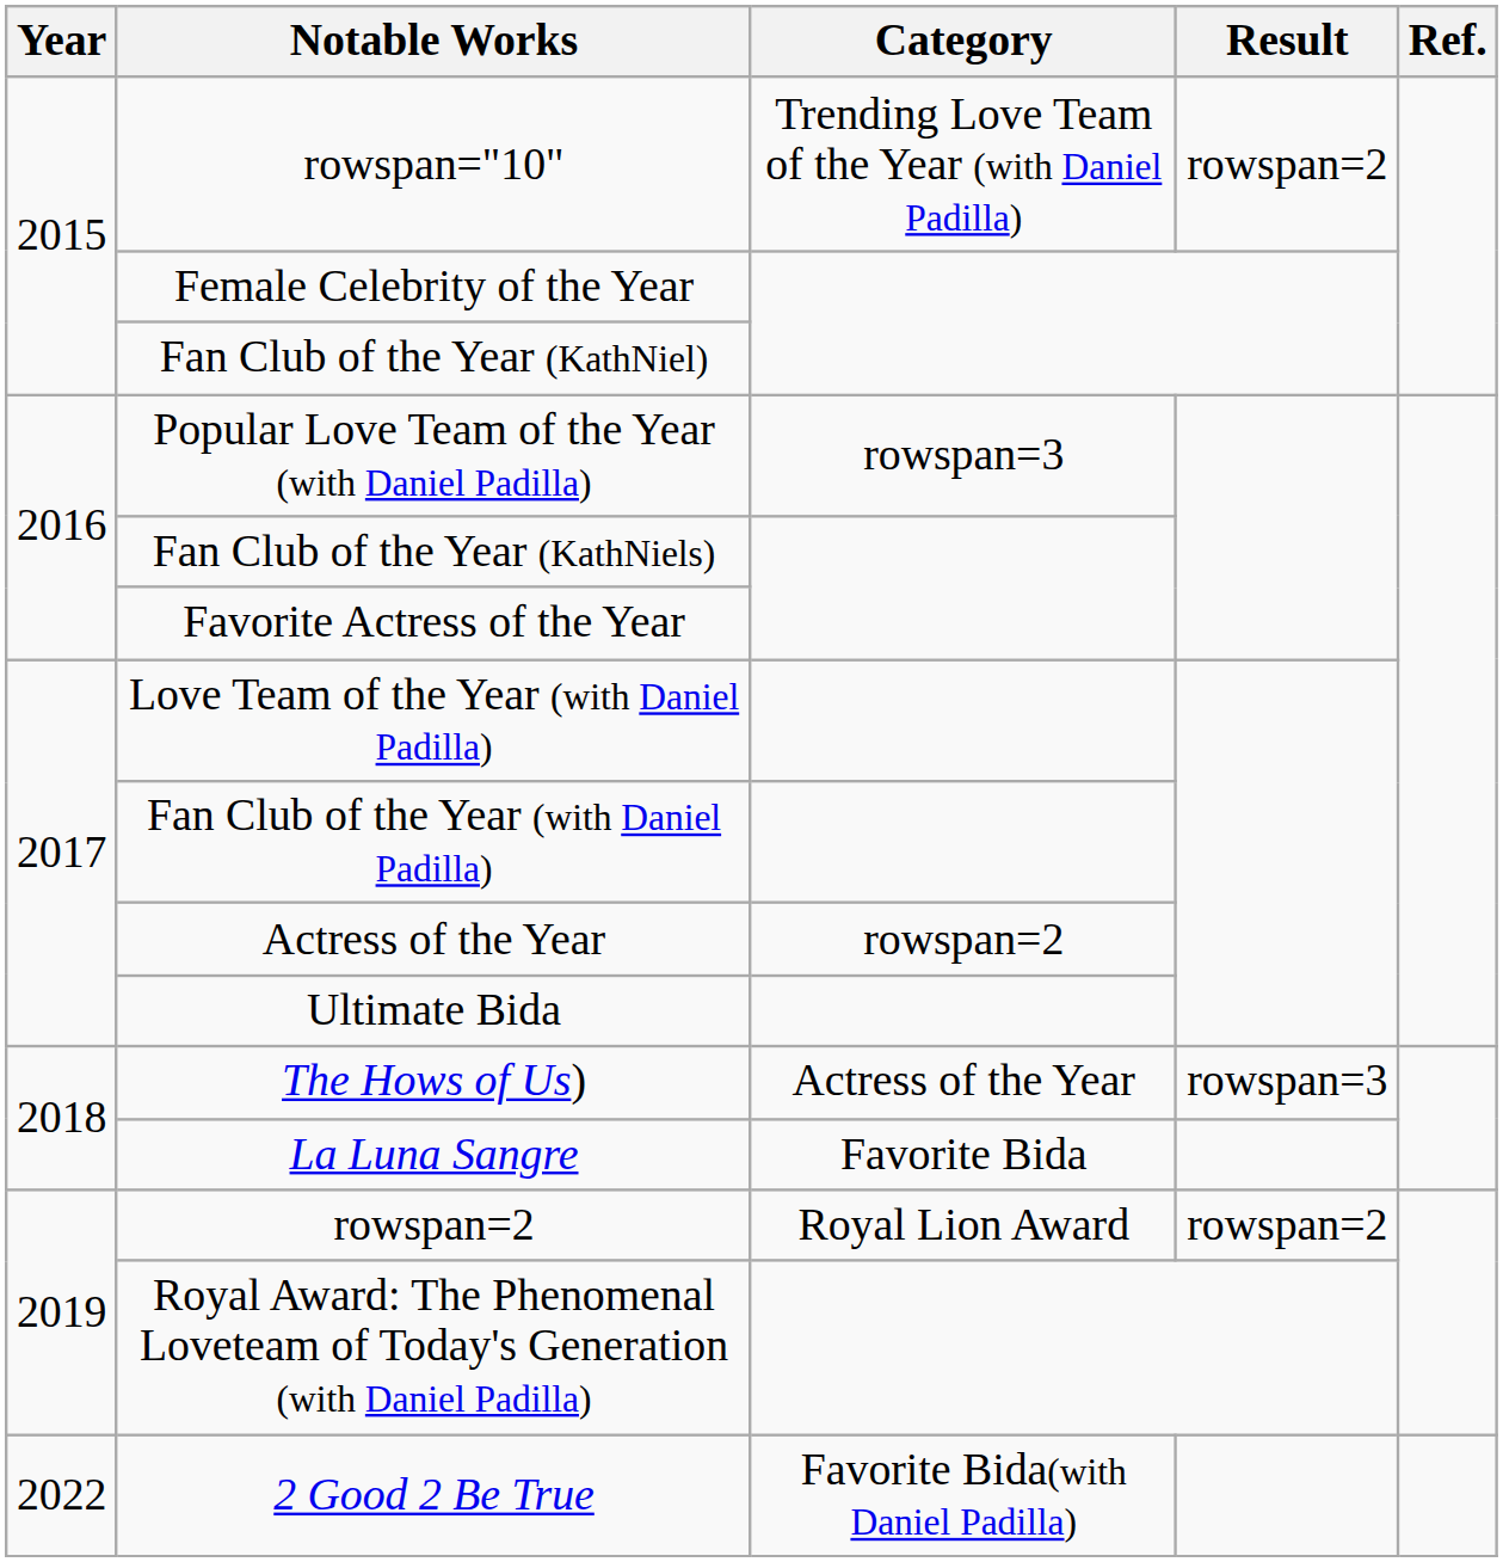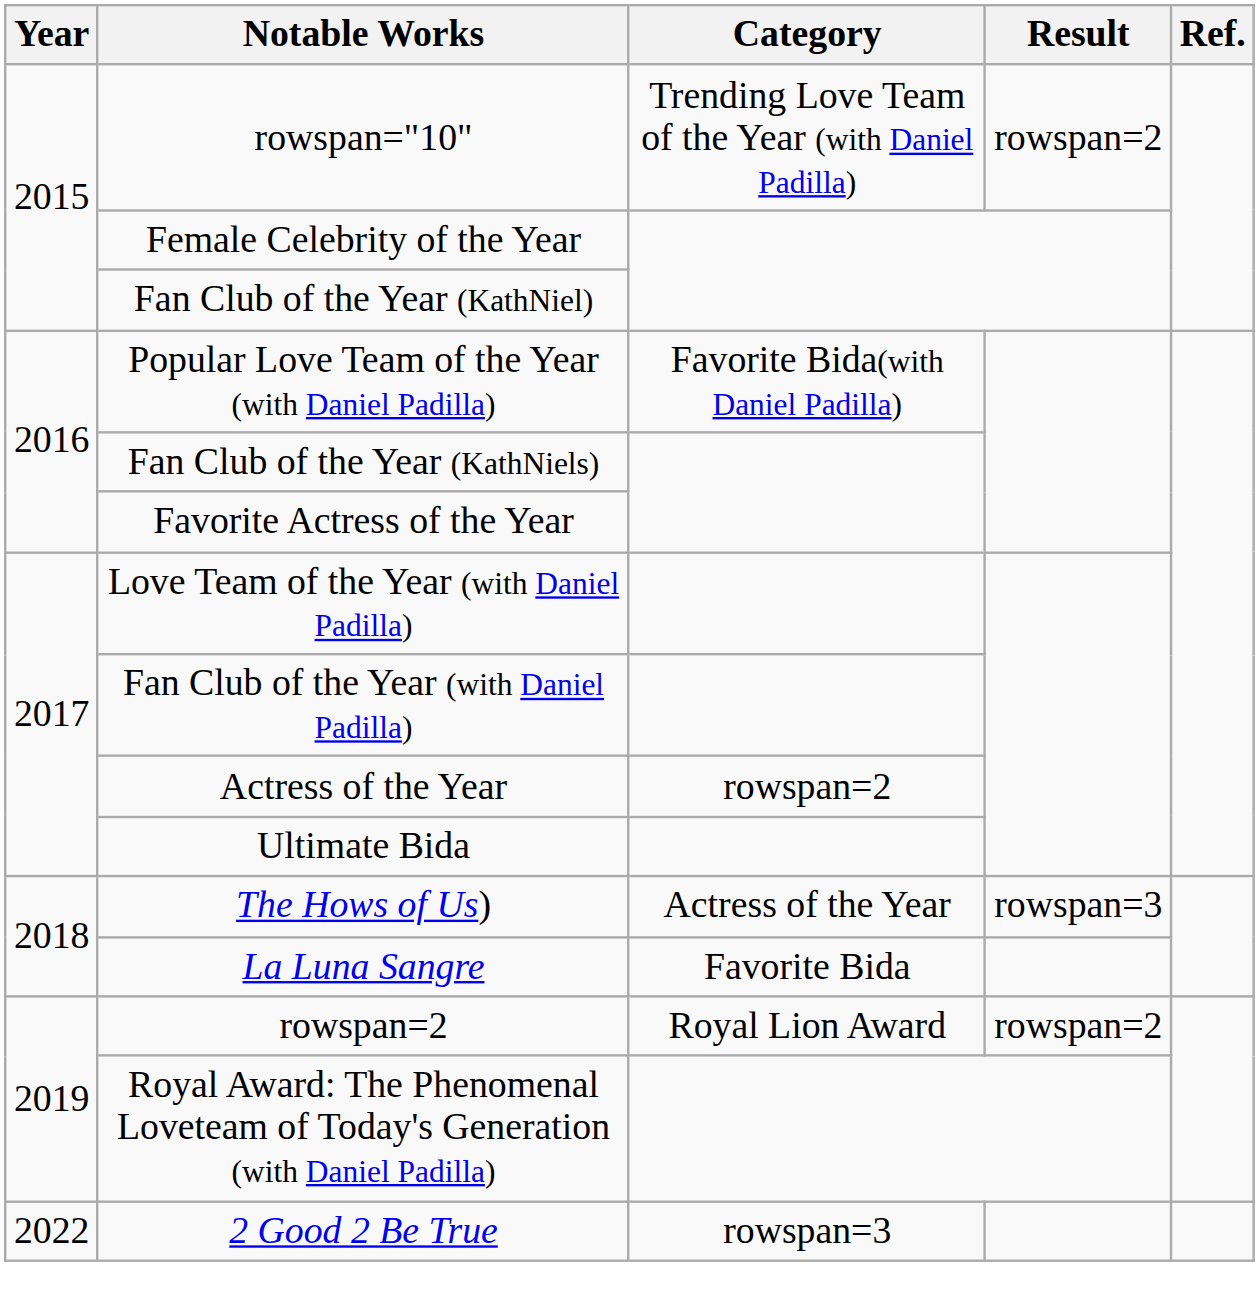 <table class="wikitable sortable"  style="text-align:center; width:60%;">
 <tr>
 <th>Year</th>
 <th>Notable Works</th>
 <th>Category</th>
 <th>Result</th>
 <th>Ref.</th>
 </tr>
 <tr>
 <td rowspan="3">2015</td>
 <td>rowspan="10" </td>
 <td>Trending Love Team of the Year <small>(with <a href='#'>Daniel Padilla</a>)</small></td>
 <td>rowspan=2 </td>
 <td rowspan="3"></td>
 </tr>
 <tr>
 <td>Female Celebrity of the Year</td>
 </tr>
 <tr>
 <td>Fan Club of the Year  <small>(KathNiel)</small></td>
 </tr>
 <tr>
 <td rowspan="3">2016</td>
 <td>Popular Love Team of the Year <small>(with <a href='#'>Daniel Padilla</a>)</small></td>
-<td>rowspan=3 </td>
+<td>Favorite Bida<small>(with <a href='#'>Daniel Padilla</a>)</small></td>
 <td rowspan="3"></td>
 </tr>
 <tr>
 <td>Fan Club of the Year  <small>(KathNiels)</small></td>
 </tr>
 <tr>
 <td>Favorite Actress of the Year</td>
 </tr>
 <tr>
 <td rowspan="4">2017</td>
 <td>Love Team of the Year  <small>(with <a href='#'>Daniel Padilla</a>)</small></td>
 <td></td>
 <td rowspan=4></td>
 </tr>
 <tr>
 <td>Fan Club of the Year  <small>(with <a href='#'>Daniel Padilla</a>)</small></td>
 <td></td>
 </tr>
 <tr>
 <td>Actress of the Year</td>
 <td>rowspan=2 </td>
 </tr>
 <tr>
 <td>Ultimate Bida</td>
 </tr>
 <tr>
 <td rowspan=2>2018</td>
 <td><em><a href='#'>The Hows of Us</a></em>)</td>
 <td>Actress of the Year</td>
 <td>rowspan=3 </td>
 <td rowspan=2></td>
 </tr>
 <tr>
 <td><em><a href='#'>La Luna Sangre</a></em></td>
 <td>Favorite Bida</td>
 </tr>
 <tr>
 <td rowspan=2>2019</td>
 <td>rowspan=2 </td>
 <td>Royal Lion Award</td>
 <td>rowspan=2 </td>
 <td rowspan=2></td>
 </tr>
 <tr>
 <td>Royal Award: The Phenomenal Loveteam of Today's Generation <small>(with <a href='#'>Daniel Padilla</a>)</small></td>
 </tr>
 <tr>
 <td>2022</td>
 <td><em><a href='#'>2 Good 2 Be True</a></em></td>
-<td>Favorite Bida<small>(with <a href='#'>Daniel Padilla</a>)</small></td>
+<td>rowspan=3 </td>
 <td></td>
 <td></td>
 </tr>
 </table>
